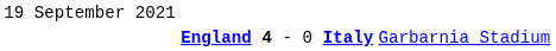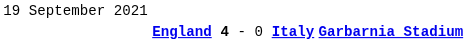 <table>
 <tr>
 <td>19 September 2021</td>
 </tr>
 <tr>
 <td></td>
 <td align=right><strong><a href='#'>England</a></strong></td>
 <td></td>
 <td><strong>4</strong> - 0</td>
 <td></td>
 <td><strong><a href='#'>Italy</a></strong></td>
-<td><a href='#'>Garbarnia Stadium</a></td>
+<td><strong><a href='#'>Garbarnia Stadium</a></strong></td>
 </tr>
 </table>
